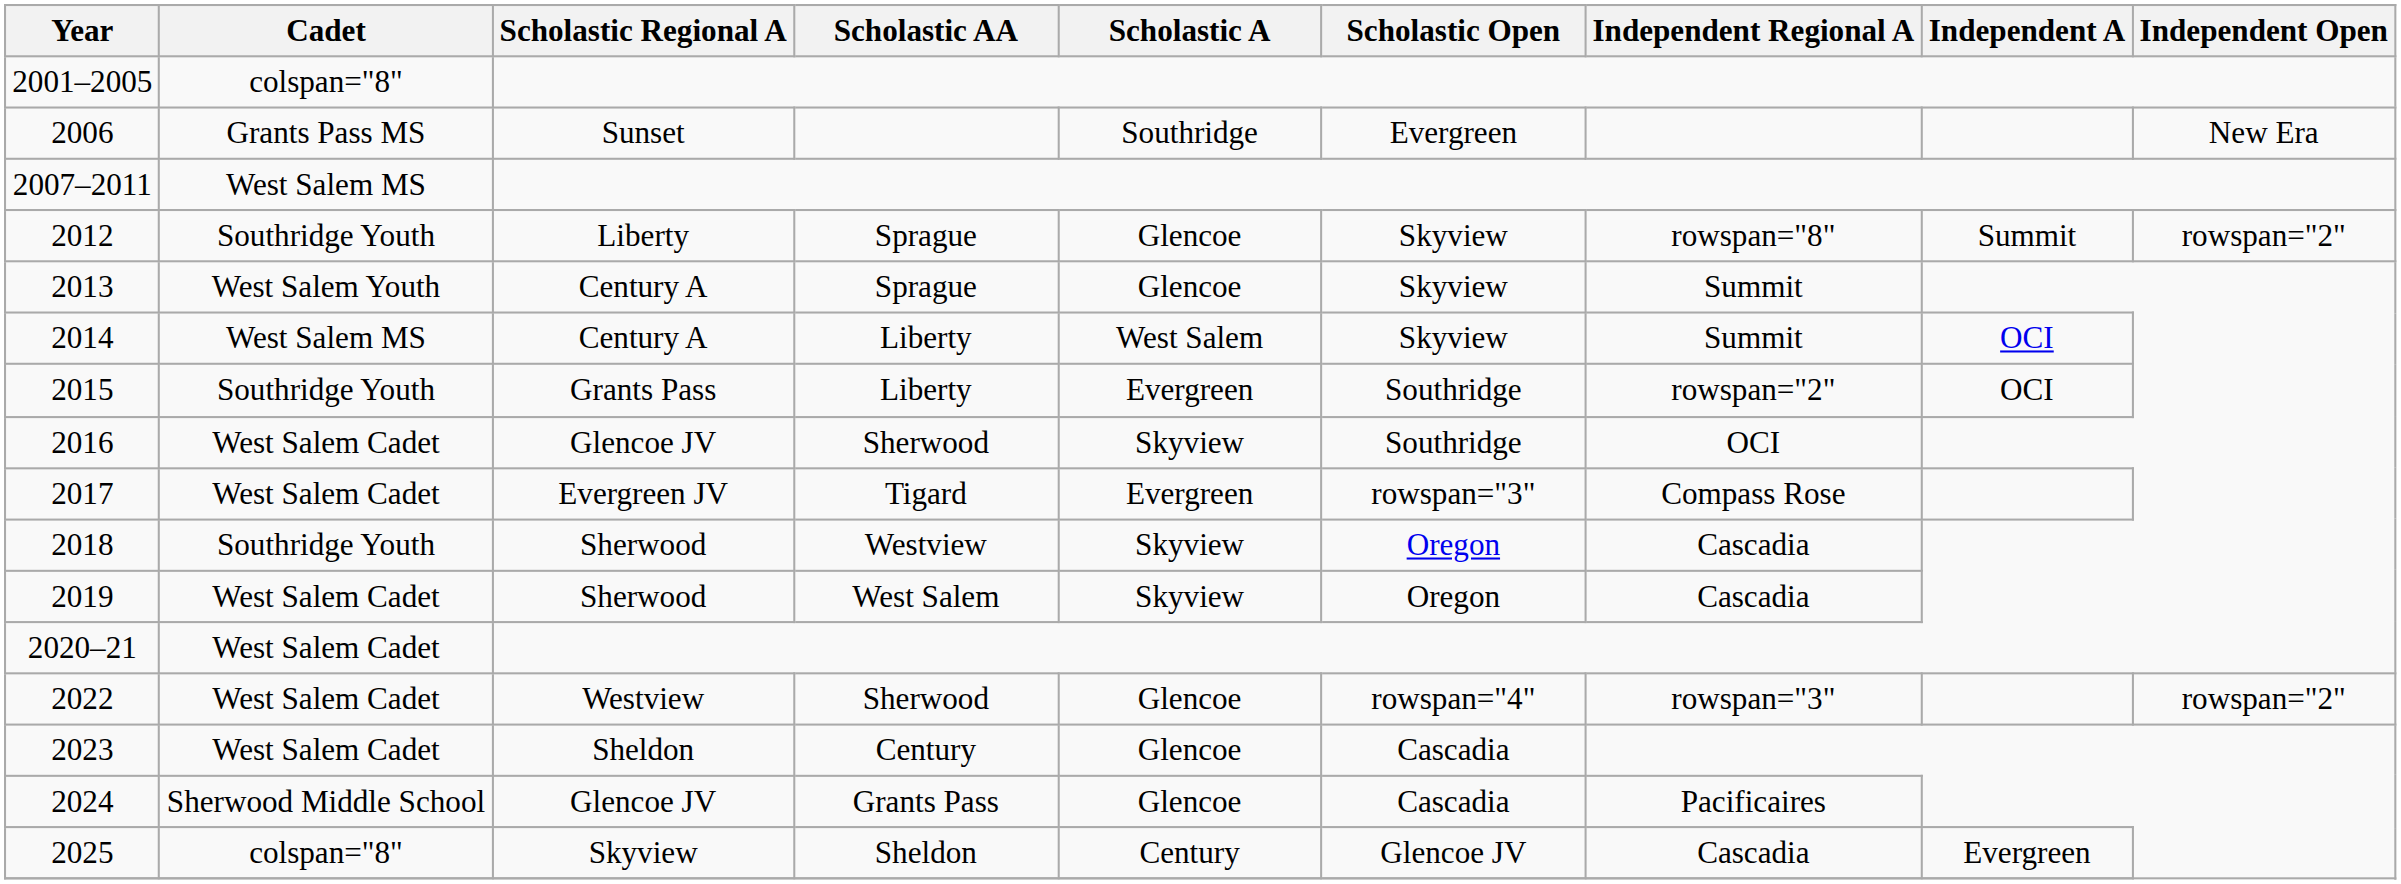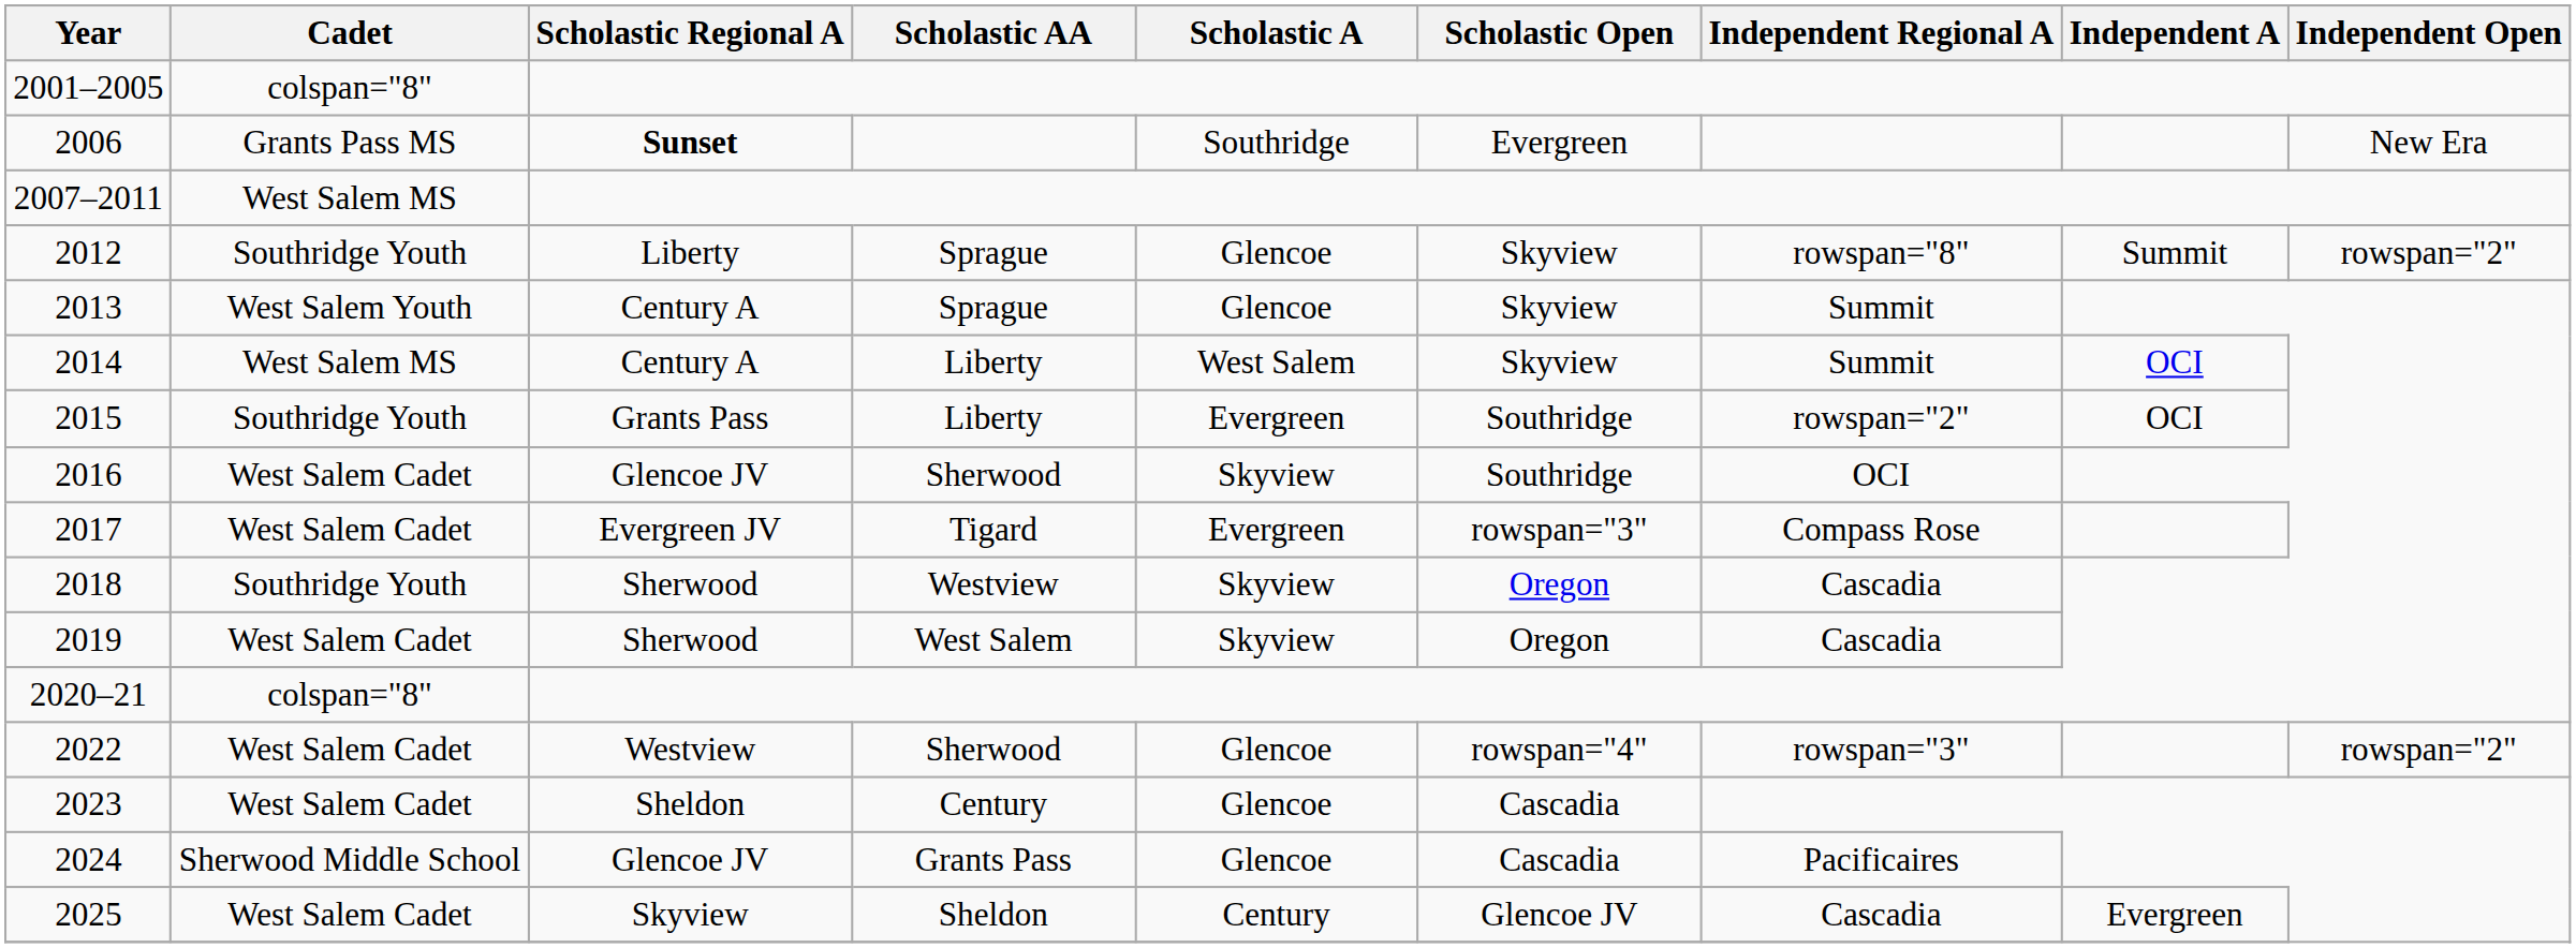 <table class="wikitable" style="font-size: 95%; text-align:center;">
 <tr>
 <th>Year</th>
 <th style="min-width: 8em;">Cadet</th>
 <th style="min-width: 8em;">Scholastic Regional A</th>
 <th style="min-width: 8em;">Scholastic AA</th>
 <th style="min-width: 8em;">Scholastic A</th>
 <th style="min-width: 8em;">Scholastic Open</th>
 <th>Independent Regional A</th>
 <th>Independent A</th>
 <th>Independent Open</th>
 </tr>
 <tr>
 <td>2001–2005</td>
 <td>colspan="8" </td>
 </tr>
 <tr>
 <td>2006</td>
 <td>Grants Pass MS</td>
-<td>Sunset</td>
+<td><strong>Sunset</strong></td>
 <td></td>
 <td>Southridge</td>
 <td>Evergreen</td>
 <td></td>
 <td></td>
 <td>New Era</td>
 </tr>
 <tr>
 <td>2007–2011</td>
 <td>West Salem MS</td>
 </tr>
 <tr>
 <td>2012</td>
 <td>Southridge Youth</td>
 <td>Liberty</td>
 <td>Sprague</td>
 <td>Glencoe</td>
 <td>Skyview</td>
 <td>rowspan="8" </td>
 <td>Summit</td>
 <td>rowspan="2" </td>
 </tr>
 <tr>
 <td>2013</td>
 <td>West Salem Youth</td>
 <td>Century A</td>
 <td>Sprague</td>
 <td>Glencoe</td>
 <td>Skyview</td>
 <td>Summit</td>
 </tr>
 <tr>
 <td>2014</td>
 <td>West Salem MS</td>
 <td>Century A</td>
 <td>Liberty</td>
 <td>West Salem</td>
 <td>Skyview</td>
 <td>Summit</td>
 <td><a href='#'>OCI</a></td>
 </tr>
 <tr>
 <td>2015</td>
 <td>Southridge Youth</td>
 <td>Grants Pass</td>
 <td>Liberty</td>
 <td>Evergreen</td>
 <td>Southridge</td>
 <td>rowspan="2" </td>
 <td>OCI</td>
 </tr>
 <tr>
 <td>2016</td>
 <td>West Salem Cadet</td>
 <td>Glencoe JV</td>
 <td>Sherwood</td>
 <td>Skyview</td>
 <td>Southridge</td>
 <td>OCI</td>
 </tr>
 <tr>
 <td>2017</td>
 <td>West Salem Cadet</td>
 <td>Evergreen JV</td>
 <td>Tigard</td>
 <td>Evergreen</td>
 <td>rowspan="3" </td>
 <td>Compass Rose</td>
 <td></td>
 </tr>
 <tr>
 <td>2018</td>
 <td>Southridge Youth</td>
 <td>Sherwood</td>
 <td>Westview</td>
 <td>Skyview</td>
 <td><a href='#'>Oregon</a></td>
 <td>Cascadia</td>
 </tr>
 <tr>
 <td>2019</td>
 <td>West Salem Cadet</td>
 <td>Sherwood</td>
 <td>West Salem</td>
 <td>Skyview</td>
 <td>Oregon</td>
 <td>Cascadia</td>
 </tr>
 <tr>
 <td>2020–21</td>
-<td>West Salem Cadet</td>
+<td>colspan="8" </td>
 </tr>
 <tr>
 <td>2022</td>
 <td>West Salem Cadet</td>
 <td>Westview</td>
 <td>Sherwood</td>
 <td>Glencoe</td>
 <td>rowspan="4" </td>
 <td>rowspan="3" </td>
 <td></td>
 <td>rowspan="2" </td>
 </tr>
 <tr>
 <td>2023</td>
 <td>West Salem Cadet</td>
 <td>Sheldon</td>
 <td>Century</td>
 <td>Glencoe</td>
 <td>Cascadia</td>
 </tr>
 <tr>
 <td>2024</td>
 <td>Sherwood Middle School</td>
 <td>Glencoe JV</td>
 <td>Grants Pass</td>
 <td>Glencoe</td>
 <td>Cascadia</td>
 <td>Pacificaires</td>
 </tr>
 <tr>
 <td>2025</td>
-<td>colspan="8" </td>
+<td>West Salem Cadet</td>
 <td>Skyview</td>
 <td>Sheldon</td>
 <td>Century</td>
 <td>Glencoe JV</td>
 <td>Cascadia</td>
 <td>Evergreen</td>
 </tr>
 <tr>
 </tr>
 </table>
